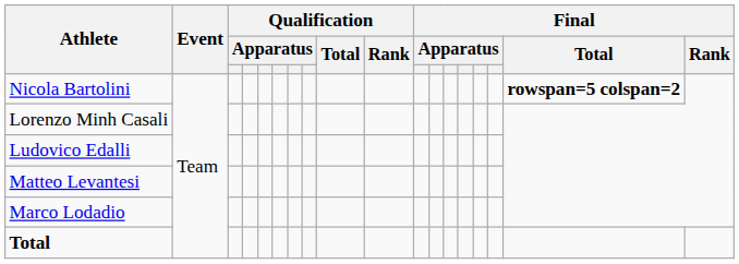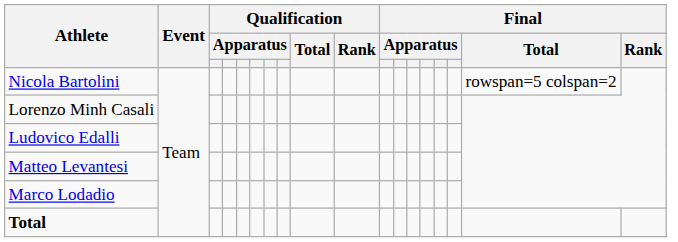 <table class="wikitable" style="font-size:90%">
 <tr>
 <th rowspan=3>Athlete</th>
 <th rowspan=3>Event</th>
 <th colspan =8>Qualification</th>
 <th colspan =8>Final</th>
 </tr>
 <tr style="font-size:95%">
 <th colspan=6>Apparatus</th>
 <th rowspan=2>Total</th>
 <th rowspan=2>Rank</th>
 <th colspan=6>Apparatus</th>
 <th rowspan=2>Total</th>
 <th rowspan=2>Rank</th>
 </tr>
 <tr style="font-size:95%">
 <th></th>
 <th></th>
 <th></th>
 <th></th>
 <th></th>
 <th></th>
 <th></th>
 <th></th>
 <th></th>
 <th></th>
 <th></th>
 <th></th>
 </tr>
 <tr align=center>
 <td align=left><a href='#'>Nicola Bartolini</a></td>
 <td align=left rowspan=6>Team</td>
 <td></td>
 <td></td>
 <td></td>
 <td></td>
 <td></td>
 <td></td>
 <td></td>
 <td></td>
 <td></td>
 <td></td>
 <td></td>
 <td></td>
 <td></td>
 <td></td>
-<td><strong>rowspan=5 colspan=2</strong></td>
+<td>rowspan=5 colspan=2</td>
 </tr>
 <tr align=center>
 <td align=left>Lorenzo Minh Casali</td>
 <td></td>
 <td></td>
 <td></td>
 <td></td>
 <td></td>
 <td></td>
 <td></td>
 <td></td>
 <td></td>
 <td></td>
 <td></td>
 <td></td>
 <td></td>
 <td></td>
 </tr>
 <tr align=center>
 <td align=left><a href='#'>Ludovico Edalli</a></td>
 <td></td>
 <td></td>
 <td></td>
 <td></td>
 <td></td>
 <td></td>
 <td></td>
 <td></td>
 <td></td>
 <td></td>
 <td></td>
 <td></td>
 <td></td>
 <td></td>
 </tr>
 <tr align=center>
 <td align=left><a href='#'>Matteo Levantesi</a></td>
 <td></td>
 <td></td>
 <td></td>
 <td></td>
 <td></td>
 <td></td>
 <td></td>
 <td></td>
 <td></td>
 <td></td>
 <td></td>
 <td></td>
 <td></td>
 <td></td>
 </tr>
 <tr align=center>
 <td align=left><a href='#'>Marco Lodadio</a></td>
 <td></td>
 <td></td>
 <td></td>
 <td></td>
 <td></td>
 <td></td>
 <td></td>
 <td></td>
 <td></td>
 <td></td>
 <td></td>
 <td></td>
 <td></td>
 <td></td>
 </tr>
 <tr align=center>
 <td align=left><strong>Total</strong></td>
 <td></td>
 <td></td>
 <td></td>
 <td></td>
 <td></td>
 <td></td>
 <td></td>
 <td></td>
 <td></td>
 <td></td>
 <td></td>
 <td></td>
 <td></td>
 <td></td>
 <td></td>
 <td></td>
 </tr>
 </table>
